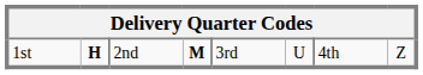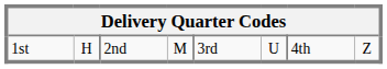 <table class="wikitable"  width="400px" border="3" cellpadding="2">
 <tr>
 <th style="border-top:4px solid grey; border-left:4px solid grey; border-right:4px solid grey;" align="center" colspan=8><big><strong>Delivery Quarter Codes</strong></big></th>
 </tr>
 <tr>
 <td style="border-top:2px solid grey;  border-left:4px solid grey; border-bottom:4px solid grey;" width="18%">1st</td>
-<td style="border-top:2px solid grey; border-right:2px solid grey; border-bottom:4px solid grey;" width="7%" align="center"><strong>H</strong></td>
+<td style="border-top:2px solid grey; border-right:2px solid grey; border-bottom:4px solid grey;" width="7%" align="center">H</td>
 <td style="border-top:2px solid grey;  border-left:2px solid grey; border-bottom:4px solid grey;" width="18%">2nd</td>
-<td style="border-top:2px solid grey; border-right:2px solid grey; border-bottom:4px solid grey;" width="7%" align="center"><strong>M</strong></td>
+<td style="border-top:2px solid grey; border-right:2px solid grey; border-bottom:4px solid grey;" width="7%" align="center">M</td>
 <td style="border-top:2px solid grey;  border-left:2px solid grey; border-bottom:4px solid grey;" width="18%">3rd</td>
 <td style="border-top:2px solid grey; border-right:2px solid grey; border-bottom:4px solid grey;" width="7%" align="center">U</td>
 <td style="border-top:2px solid grey;  border-left:2px solid grey; border-bottom:4px solid grey;" width="18%">4th</td>
 <td style="border-top:2px solid grey; border-right:4px solid grey; border-bottom:4px solid grey;" width="7%" align="center">Z</td>
 </tr>
 </table>
